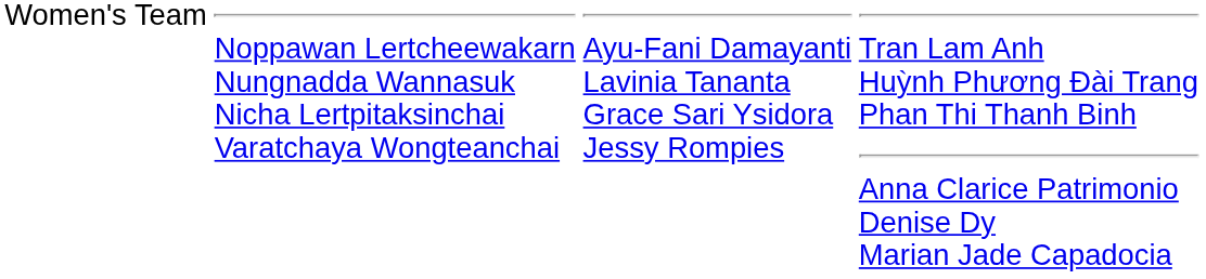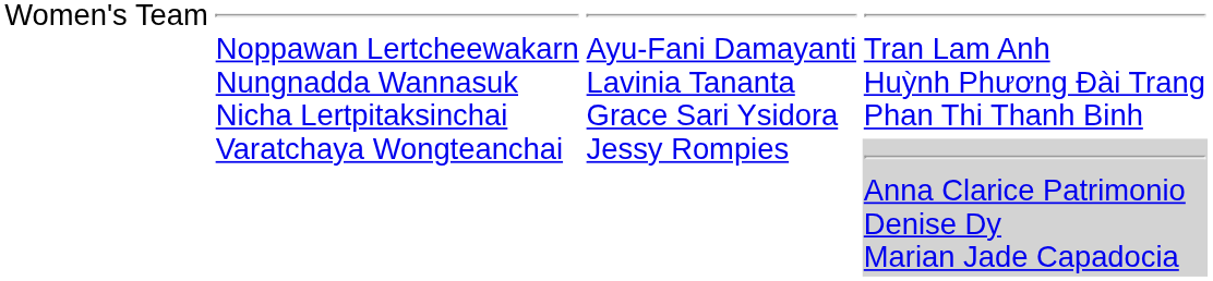 <table>
 <tr style="vertical-align:top">
 <td rowspan=2>Women's Team</td>
 <td rowspan=2> <hr> <a href='#'>Noppawan Lertcheewakarn</a> <br> <a href='#'>Nungnadda Wannasuk</a> <br> <a href='#'>Nicha Lertpitaksinchai</a> <br> <a href='#'>Varatchaya Wongteanchai</a></td>
 <td rowspan=2> <hr> <a href='#'>Ayu-Fani Damayanti</a> <br> <a href='#'>Lavinia Tananta</a> <br> <a href='#'>Grace Sari Ysidora</a> <br> <a href='#'>Jessy Rompies</a></td>
 <td> <hr> <a href='#'>Tran Lam Anh</a> <br> <a href='#'>Huỳnh Phương Đài Trang</a> <br> <a href='#'>Phan Thi Thanh Binh</a></td>
 </tr>
 <tr>
-<td> <hr> <a href='#'>Anna Clarice Patrimonio</a> <br> <a href='#'>Denise Dy</a> <br> <a href='#'>Marian Jade Capadocia</a></td>
+<td style="background: lightgrey;"> <hr> <a href='#'>Anna Clarice Patrimonio</a> <br> <a href='#'>Denise Dy</a> <br> <a href='#'>Marian Jade Capadocia</a></td>
 </tr>
 <tr>
 </tr>
 </table>
